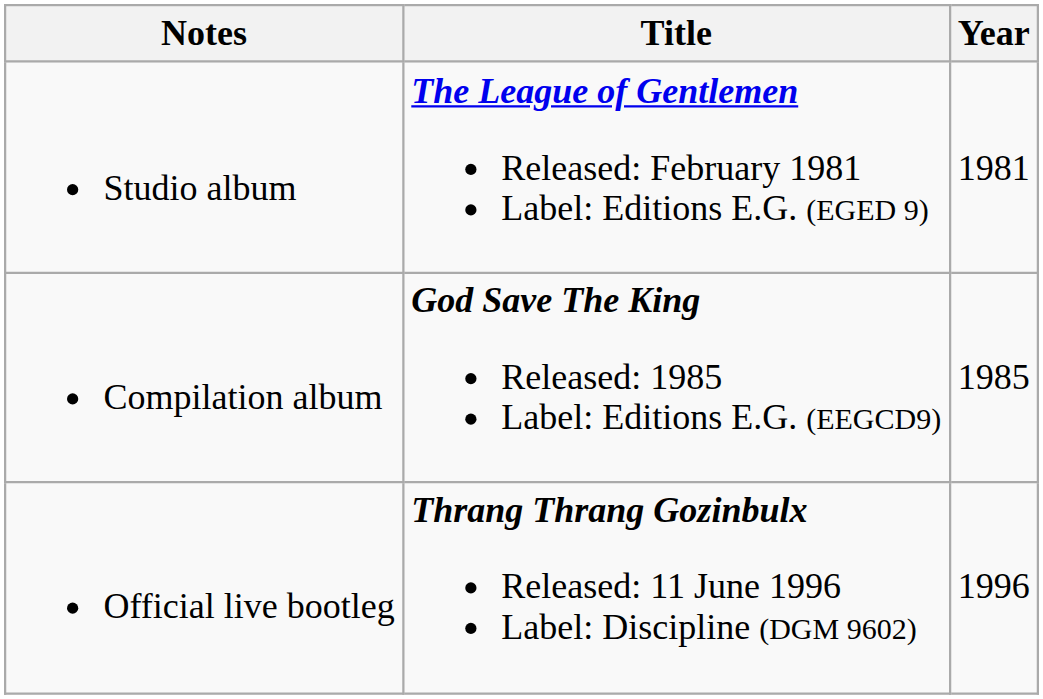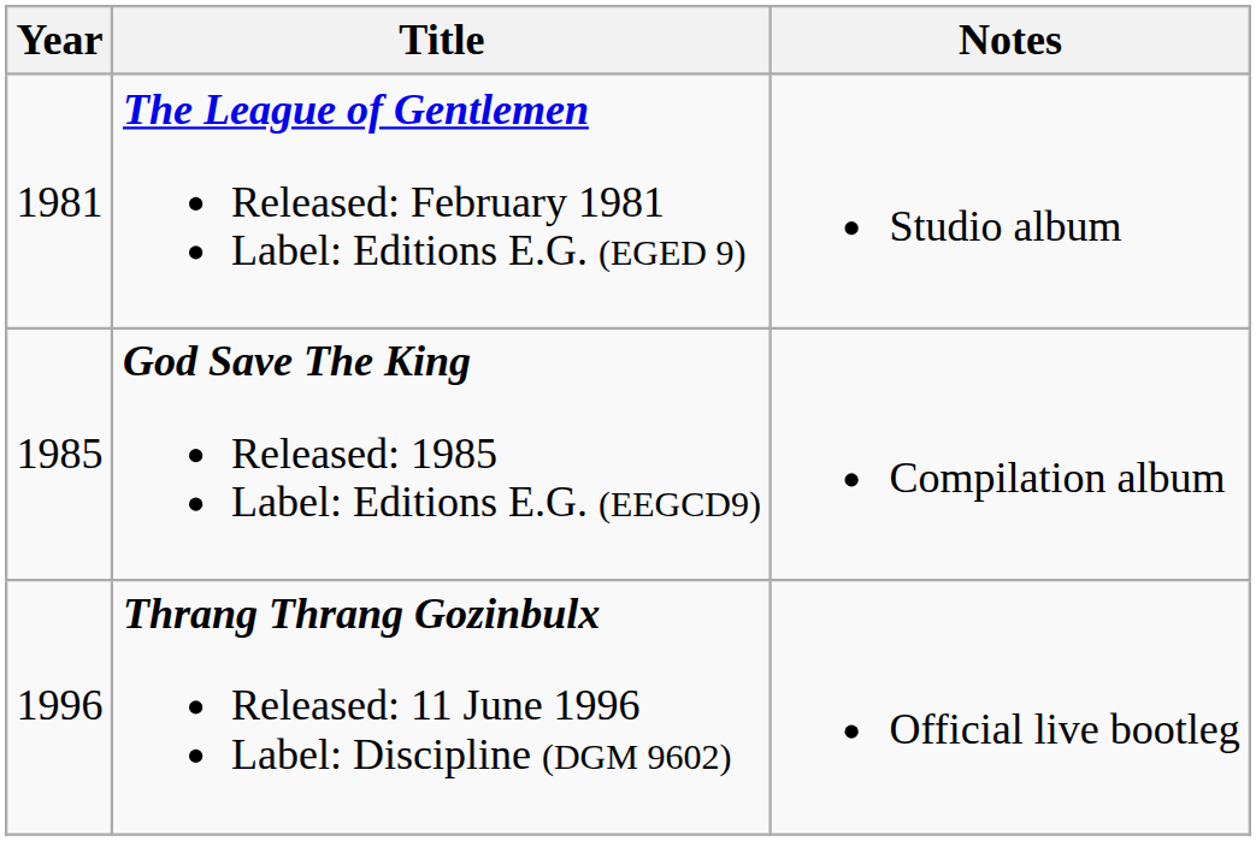 <table class="wikitable">
 <tr>
+<th>Year</th>
+<th>Title</th>
 <th>Notes</th>
-<th>Title</th>
-<th>Year</th>
 </tr>
 <tr>
+<td>1981</td>
+<td><strong><em><a href='#'>The League of Gentlemen</a></em></strong><br><ul><li>Released: February 1981</li><li>Label: Editions E.G. <small>(EGED 9)</small></li></ul></td>
 <td><br><ul><li>Studio album</li></ul></td>
-<td><strong><em><a href='#'>The League of Gentlemen</a></em></strong><br><ul><li>Released: February 1981</li><li>Label: Editions E.G. <small>(EGED 9)</small></li></ul></td>
-<td>1981</td>
 </tr>
 <tr>
+<td>1985</td>
+<td><strong><em>God Save The King</em></strong><br><ul><li>Released: 1985</li><li>Label: Editions E.G. <small>(EEGCD9)</small></li></ul></td>
 <td><br><ul><li>Compilation album</li></ul></td>
-<td><strong><em>God Save The King</em></strong><br><ul><li>Released: 1985</li><li>Label: Editions E.G. <small>(EEGCD9)</small></li></ul></td>
-<td>1985</td>
 </tr>
 <tr>
+<td>1996</td>
+<td><strong><em>Thrang Thrang Gozinbulx</em></strong><br><ul><li>Released: 11 June 1996</li><li>Label: Discipline <small>(DGM 9602)</small></li></ul></td>
 <td><br><ul><li>Official live bootleg</li></ul></td>
-<td><strong><em>Thrang Thrang Gozinbulx</em></strong><br><ul><li>Released: 11 June 1996</li><li>Label: Discipline <small>(DGM 9602)</small></li></ul></td>
-<td>1996</td>
 </tr>
 </table>
